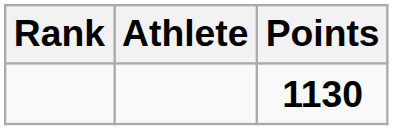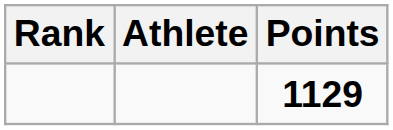 <table class=wikitable style="text-align:center;">
 <tr>
 <th>Rank</th>
 <th>Athlete</th>
 <th>Points</th>
 </tr>
 <tr>
 <td></td>
 <td align=left></td>
-<td><strong>1130</strong></td>
+<td><strong>1129</strong></td>
 </tr>
 </table>
